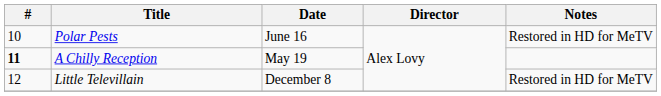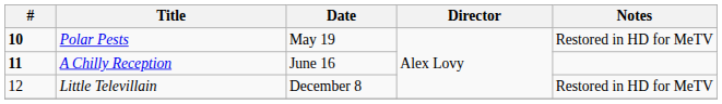 <table class="wikitable">
 <tr>
 <th style="width:3em">#</th>
 <th style="width:15em">Title</th>
 <th style="width:7em">Date</th>
 <th style="width:10em">Director</th>
 <th>Notes</th>
 </tr>
 <tr>
-<td>10</td>
+<td><strong>10</strong></td>
 <td><em><a href='#'>Polar Pests</a></em></td>
-<td>June 16</td>
+<td>May 19</td>
 <td rowspan=3>Alex Lovy</td>
 <td>Restored in HD for MeTV</td>
 </tr>
 <tr>
 <td><strong>11</strong></td>
 <td><em><a href='#'>A Chilly Reception</a></em></td>
-<td>May 19</td>
+<td>June 16</td>
 <td></td>
 </tr>
 <tr>
 <td>12</td>
 <td><em>Little Televillain</em></td>
 <td>December 8</td>
 <td>Restored in HD for MeTV</td>
 </tr>
 <tr>
 </tr>
 </table>
